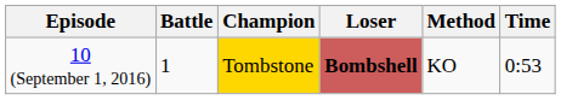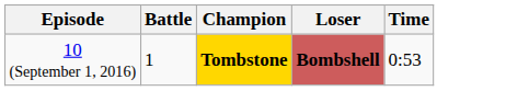 <table class="wikitable">
 <tr>
 <th>Episode</th>
 <th>Battle</th>
 <th>Champion</th>
 <th>Loser</th>
-<th>Method</th>
 <th>Time</th>
 </tr>
 <tr>
 <td style="text-align:center;" rowspan="1"><a href='#'>10</a><br><small>(September 1, 2016)</small></td>
 <td> 1</td>
-<td style="background:Gold;">Tombstone</td>
+<td style="background:Gold;"><strong>Tombstone</strong></td>
 <td style="background:IndianRed;"><strong>Bombshell</strong></td>
-<td>KO</td>
 <td>0:53</td>
 </tr>
 </table>
